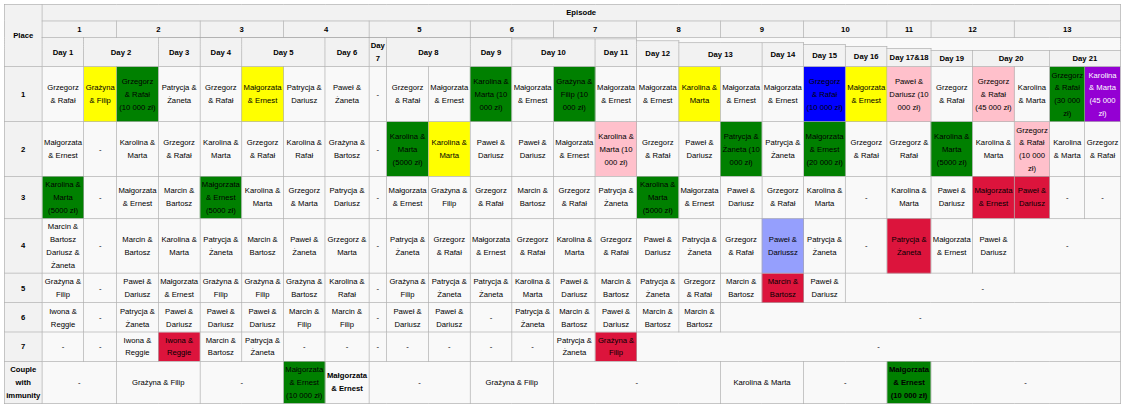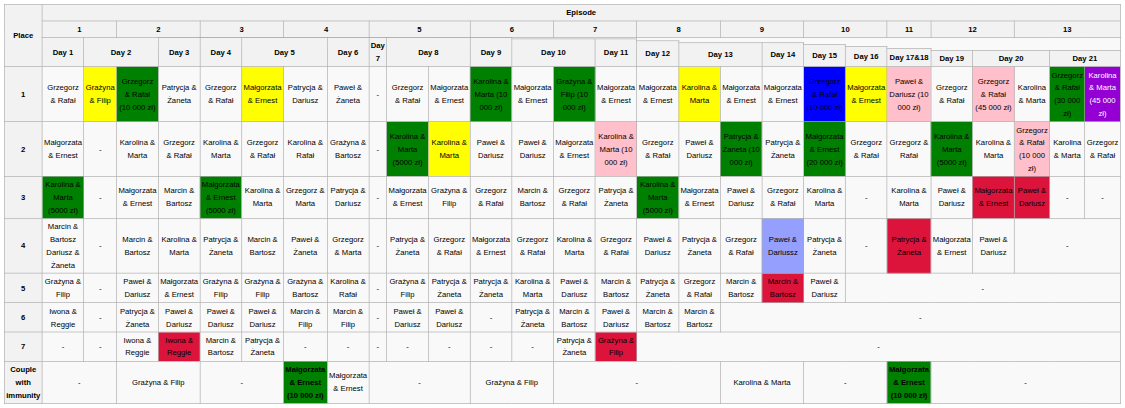 <table class="wikitable" style="text-align: center; font-size: 9pt; line-height:20px;">
 <tr>
 <th rowspan="15">Place</th>
 <th colspan="31">Episode</th>
 </tr>
 <tr>
 <th colspan="2">1</th>
 <th colspan="2">2</th>
 <th colspan="2">3</th>
 <th colspan="2">4</th>
 <th colspan="3">5</th>
 <th colspan="2">6</th>
 <th colspan="2">7</th>
 <th colspan="2">8</th>
 <th colspan="2">9</th>
 <th colspan="2">10</th>
 <th colspan="1">11</th>
 <th colspan="2">12</th>
 <th colspan="3">13</th>
 </tr>
 <tr>
 <th rowspan="13">Day 1</th>
 <th rowspan="13" colspan="2">Day 2</th>
 </tr>
 <tr>
 <th rowspan="12">Day 3</th>
 </tr>
 <tr>
 <th rowspan="11">Day 4</th>
 <th rowspan="11" colspan="2">Day 5</th>
 </tr>
 <tr>
 <th rowspan="10">Day 6</th>
 </tr>
 <tr>
 <th rowspan="9">Day 7</th>
 <th rowspan="9" colspan="2">Day 8</th>
 </tr>
 <tr>
 <th rowspan="8">Day 9</th>
 </tr>
 <tr>
 <th rowspan="7" colspan="2">Day 10</th>
 <th rowspan="7">Day 11</th>
 </tr>
 <tr>
 <th rowspan="6">Day 12</th>
 </tr>
 <tr>
 <th rowspan="5" colspan="2">Day 13</th>
 <th rowspan="5">Day 14</th>
 </tr>
 <tr>
 <th rowspan="4">Day 15</th>
 </tr>
 <tr>
 <th rowspan="3">Day 16</th>
 </tr>
 <tr>
 <th rowspan="2">Day 17&18</th>
 </tr>
 <tr>
 <th>Day 19</th>
 <th colspan="2">Day 20</th>
 <th colspan="2">Day 21</th>
 </tr>
 <tr>
 <th>1</th>
 <td>Grzegorz & Rafał</td>
 <td bgcolor=yellow>Grażyna & Filip</td>
 <td bgcolor=green>Grzegorz & Rafał (10 000 zł)</td>
 <td>Patrycja & Żaneta</td>
 <td>Grzegorz & Rafał</td>
 <td bgcolor=yellow>Małgorzata & Ernest</td>
 <td>Patrycja & Dariusz</td>
 <td>Paweł & Żaneta</td>
 <td>-</td>
 <td>Grzegorz & Rafał</td>
 <td>Małgorzata & Ernest</td>
 <td bgcolor=green>Karolina & Marta (10 000 zł)</td>
 <td>Małgorzata & Ernest</td>
 <td bgcolor=green>Grażyna & Filip (10 000 zł)</td>
 <td>Małgorzata & Ernest</td>
 <td>Małgorzata & Ernest</td>
 <td bgcolor=yellow>Karolina & Marta</td>
 <td>Małgorzata & Ernest</td>
 <td>Małgorzata & Ernest</td>
 <td bgcolor=blue>Grzegorz & Rafał (10 000 zł)</td>
 <td bgcolor=yellow>Małgorzata & Ernest</td>
 <td bgcolor=pink>Paweł & Dariusz (10 000 zł)</td>
 <td>Grzegorz & Rafał</td>
 <td bgcolor=pink>Grzegorz & Rafał (45 000 zł)</td>
 <td>Karolina & Marta</td>
 <td bgcolor=green>Grzegorz & Rafał (30 000 zł)</td>
 <td style="background:darkviolet; color:white;">Karolina & Marta (45 000 zł)</td>
 </tr>
 <tr>
 <th>2</th>
 <td>Małgorzata & Ernest</td>
 <td>-</td>
 <td>Karolina & Marta</td>
 <td>Grzegorz & Rafał</td>
 <td>Karolina & Marta</td>
 <td>Grzegorz & Rafał</td>
 <td>Karolina & Rafał</td>
 <td>Grażyna & Bartosz</td>
 <td>-</td>
 <td bgcolor=green>Karolina & Marta (5000 zł)</td>
 <td bgcolor=yellow>Karolina & Marta</td>
 <td>Paweł & Dariusz</td>
 <td>Paweł & Dariusz</td>
 <td>Małgorzata & Ernest</td>
 <td bgcolor=pink>Karolina & Marta (10 000 zł)</td>
 <td>Grzegorz & Rafał</td>
 <td>Paweł & Dariusz</td>
 <td bgcolor=green>Patrycja & Żaneta (10 000 zł)</td>
 <td>Patrycja & Żaneta</td>
 <td bgcolor=green>Małgorzata & Ernest (20 000 zł)</td>
 <td>Grzegorz & Rafał</td>
 <td>Grzegorz & Rafał</td>
 <td bgcolor=green>Karolina & Marta (5000 zł)</td>
 <td>Karolina & Marta</td>
 <td bgcolor=pink>Grzegorz & Rafał (10 000 zł)</td>
 <td>Karolina & Marta</td>
 <td>Grzegorz & Rafał</td>
 </tr>
 <tr>
 <th>3</th>
 <td bgcolor=green>Karolina & Marta (5000 zł)</td>
 <td>-</td>
 <td>Małgorzata & Ernest</td>
 <td>Marcin & Bartosz</td>
 <td bgcolor=green>Małgorzata & Ernest (5000 zł)</td>
 <td>Karolina & Marta</td>
 <td>Grzegorz & Marta</td>
 <td>Patrycja & Dariusz</td>
 <td>-</td>
 <td>Małgorzata & Ernest</td>
 <td>Grażyna & Filip</td>
 <td>Grzegorz & Rafał</td>
 <td>Marcin & Bartosz</td>
 <td>Grzegorz & Rafał</td>
 <td>Patrycja & Żaneta</td>
 <td bgcolor=green>Karolina & Marta (5000 zł)</td>
 <td>Małgorzata & Ernest</td>
 <td>Paweł & Dariusz</td>
 <td>Grzegorz & Rafał</td>
 <td>Karolina & Marta</td>
 <td>-</td>
 <td>Karolina & Marta</td>
 <td>Paweł & Dariusz</td>
 <td bgcolor=crimson>Małgorzata & Ernest</td>
 <td bgcolor=crimson>Paweł & Dariusz</td>
 <td>-</td>
 <td>-</td>
 </tr>
 <tr>
 <th>4</th>
 <td>Marcin & Bartosz <br> Dariusz & Żaneta</td>
 <td>-</td>
 <td>Marcin & Bartosz</td>
 <td>Karolina & Marta</td>
 <td>Patrycja & Żaneta</td>
 <td>Marcin & Bartosz</td>
 <td>Paweł & Żaneta</td>
 <td>Grzegorz & Marta</td>
 <td>-</td>
 <td>Patrycja & Żaneta</td>
 <td>Grzegorz & Rafał</td>
 <td>Małgorzata & Ernest</td>
 <td>Grzegorz & Rafał</td>
 <td>Karolina & Marta</td>
 <td>Grzegorz & Rafał</td>
 <td>Paweł & Dariusz</td>
 <td>Patrycja & Żaneta</td>
 <td>Grzegorz & Rafał</td>
 <td bgcolor=#959FFD>Paweł & Dariussz</td>
 <td>Patrycja & Żaneta</td>
 <td>-</td>
 <td bgcolor=crimson>Patrycja & Żaneta</td>
 <td>Małgorzata & Ernest</td>
 <td>Paweł & Dariusz</td>
 <td colspan="4">-</td>
 </tr>
 <tr>
 <th>5</th>
 <td>Grażyna & Filip</td>
 <td>-</td>
 <td>Paweł & Dariusz</td>
 <td>Małgorzata & Ernest</td>
 <td>Grażyna & Filip</td>
 <td>Grażyna & Filip</td>
 <td>Grażyna & Bartosz</td>
 <td>Karolina & Rafał</td>
 <td>-</td>
 <td>Grażyna & Filip</td>
 <td>Patrycja & Żaneta</td>
 <td>Patrycja & Żaneta</td>
 <td>Karolina & Marta</td>
 <td>Paweł & Dariusz</td>
 <td>Marcin & Bartosz</td>
 <td>Patrycja & Żaneta</td>
 <td>Grzegorz & Rafał</td>
 <td>Marcin & Bartosz</td>
 <td bgcolor=crimson>Marcin & Bartosz</td>
 <td>Paweł & Dariusz</td>
 <td colspan="8">-</td>
 </tr>
 <tr>
 <th>6</th>
 <td>Iwona & Reggie</td>
 <td>-</td>
 <td>Patrycja & Żaneta</td>
 <td>Paweł & Dariusz</td>
 <td>Paweł & Dariusz</td>
 <td>Paweł & Dariusz</td>
 <td>Marcin & Filip</td>
 <td>Marcin & Filip</td>
 <td>-</td>
 <td>Paweł & Dariusz</td>
 <td>Paweł & Dariusz</td>
 <td>-</td>
 <td>Patrycja & Żaneta</td>
 <td>Marcin & Bartosz</td>
 <td>Paweł & Dariusz</td>
 <td>Marcin & Bartosz</td>
 <td>Marcin & Bartosz</td>
 <td colspan="10">-</td>
 </tr>
 <tr>
 <th>7</th>
 <td>-</td>
 <td>-</td>
 <td>Iwona & Reggie</td>
 <td bgcolor=crimson>Iwona & Reggie</td>
 <td>Marcin & Bartosz</td>
 <td>Patrycja & Żaneta</td>
 <td>-</td>
 <td>-</td>
 <td>-</td>
 <td>-</td>
 <td>-</td>
 <td>-</td>
 <td>-</td>
 <td>Patrycja & Żaneta</td>
 <td bgcolor=crimson>Grażyna & Filip</td>
 <td colspan="12">-</td>
 </tr>
 <tr>
 <th>Couple with immunity</th>
 <td colspan="2">-</td>
 <td colspan="2">Grażyna & Filip</td>
 <td colspan="2">-</td>
-<td bgcolor=green>Małgorzata & Ernest (10 000 zł)</td>
-<td><strong>Małgorzata & Ernest</strong></td>
+<td bgcolor=green><strong>Małgorzata & Ernest (10 000 zł)</strong></td>
+<td>Małgorzata & Ernest</td>
 <td colspan="3">-</td>
 <td colspan="2">Grażyna & Filip</td>
 <td colspan="4">-</td>
 <td colspan="2">Karolina & Marta</td>
 <td colspan="2">-</td>
 <td bgcolor=green><strong>Małgorzata & Ernest (10 000 zł)</strong></td>
 <td colspan="5">-</td>
 </tr>
 </table>
